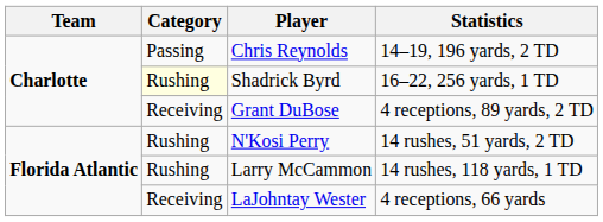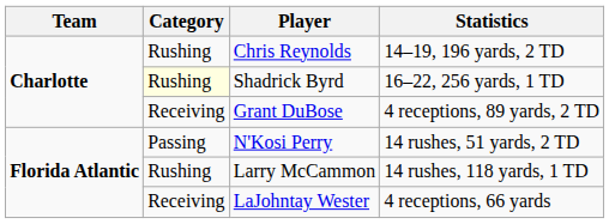 <table class="wikitable" style="float: left;">
 <tr>
 <th>Team</th>
 <th>Category</th>
 <th>Player</th>
 <th>Statistics</th>
 </tr>
 <tr>
 <td rowspan=3><strong>Charlotte</strong></td>
-<td>Passing</td>
+<td>Rushing</td>
 <td><a href='#'>Chris Reynolds</a></td>
 <td>14–19, 196 yards, 2 TD</td>
 </tr>
 <tr>
 <td style="background: lightyellow;">Rushing</td>
 <td>Shadrick Byrd</td>
 <td>16–22, 256 yards, 1 TD</td>
 </tr>
 <tr>
 <td>Receiving</td>
 <td><a href='#'>Grant DuBose</a></td>
 <td>4 receptions, 89 yards, 2 TD</td>
 </tr>
 <tr>
 <td rowspan=3><strong>Florida Atlantic</strong></td>
-<td>Rushing</td>
+<td>Passing</td>
 <td><a href='#'>N'Kosi Perry</a></td>
 <td>14 rushes, 51 yards, 2 TD</td>
 </tr>
 <tr>
 <td>Rushing</td>
 <td>Larry McCammon</td>
 <td>14 rushes, 118 yards, 1 TD</td>
 </tr>
 <tr>
 <td>Receiving</td>
 <td><a href='#'>LaJohntay Wester</a></td>
 <td>4 receptions, 66 yards</td>
 </tr>
 </table>
